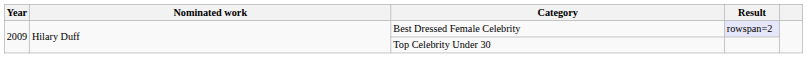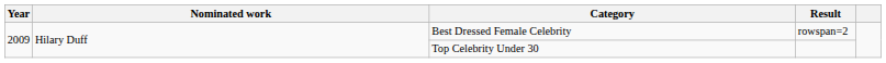 <table class="wikitable sortable">
 <tr>
 <th scope="col" style="width:1em;">Year</th>
 <th scope="col" style="width:39em;">Nominated work</th>
 <th scope="col" style="width:36em;">Category</th>
 <th scope="col" style="width:5em;">Result</th>
 <th scope="col" style="width:2em;" class="unsortable"></th>
 </tr>
 <tr>
 <td rowspan=2>2009</td>
 <td rowspan=2>Hilary Duff</td>
 <td>Best Dressed Female Celebrity</td>
-<td style="background: lavender;">rowspan=2 </td>
+<td>rowspan=2 </td>
 <td style="text-align:center;" rowspan=2></td>
 </tr>
 <tr>
 <td>Top Celebrity Under 30</td>
 </tr>
 </table>
